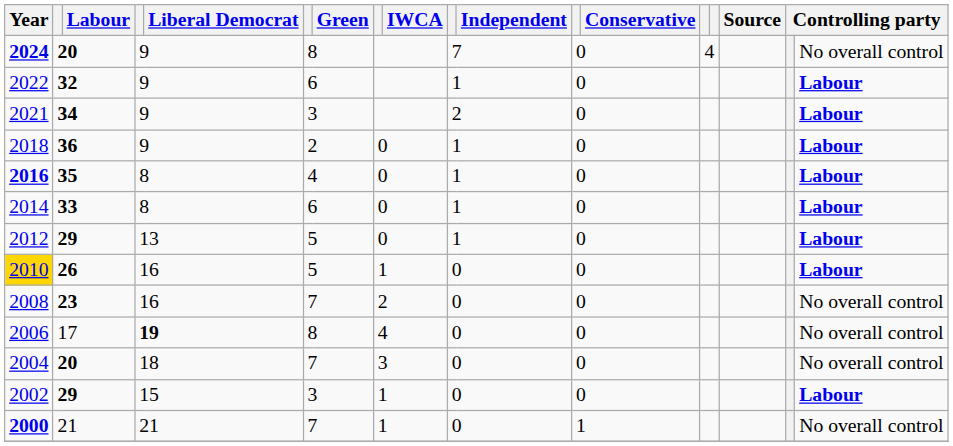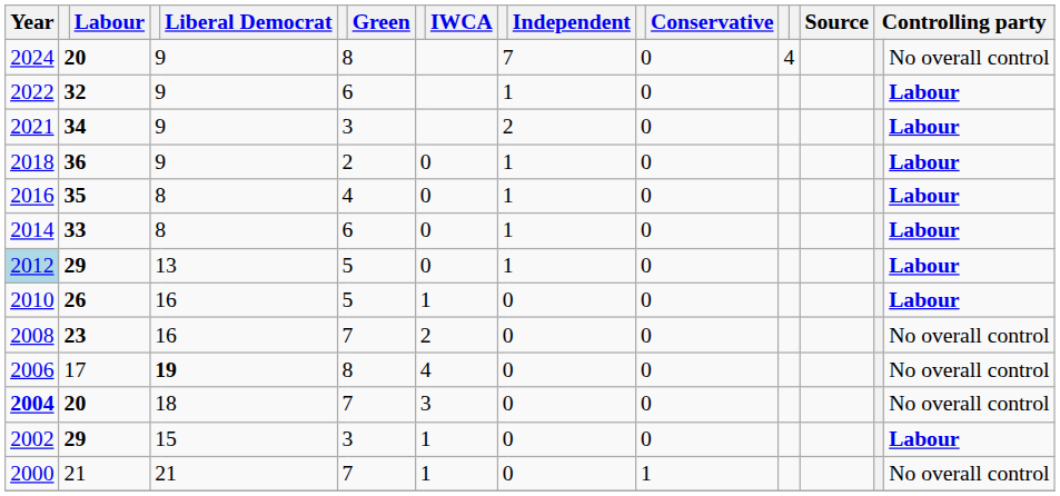 <table class="wikitable">
 <tr>
 <th>Year</th>
 <th style="background-color: "></th>
 <th><a href='#'>Labour</a></th>
 <th style="background-color: "></th>
 <th><a href='#'>Liberal Democrat</a></th>
 <th style="background-color: "></th>
 <th><a href='#'>Green</a></th>
 <th style="background-color: "></th>
 <th><a href='#'>IWCA</a></th>
 <th style="background-color: "></th>
 <th><a href='#'>Independent</a></th>
 <th style="background-color: "></th>
 <th><a href='#'>Conservative</a></th>
 <th style="background-color: "></th>
 <th></th>
 <th>Source</th>
 <th colspan=2>Controlling party</th>
 </tr>
 <tr>
-<td><strong><a href='#'>2024</a></strong></td>
+<td><a href='#'>2024</a></td>
 <td colspan="2"><strong>20</strong></td>
 <td colspan="2">9</td>
 <td colspan="2">8</td>
 <td colspan="2"></td>
 <td colspan="2">7</td>
 <td colspan="2">0</td>
 <td colspan="2">4</td>
 <td></td>
 <th style="background-color: "></th>
 <td>No overall control</td>
 </tr>
 <tr>
 <td><a href='#'>2022</a></td>
 <td colspan="2"><strong>32</strong></td>
 <td colspan="2">9</td>
 <td colspan="2">6</td>
 <td colspan="2"></td>
 <td colspan="2">1</td>
 <td colspan="2">0</td>
 <td colspan="2"></td>
 <td></td>
 <th style="background-color: "></th>
 <td><strong><a href='#'>Labour</a></strong></td>
 </tr>
 <tr>
 <td><a href='#'>2021</a></td>
 <td colspan=2><strong>34</strong></td>
 <td colspan=2>9</td>
 <td colspan=2>3</td>
 <td colspan=2></td>
 <td colspan=2>2</td>
 <td colspan=2>0</td>
 <td colspan=2></td>
 <td></td>
 <th style="background-color: "></th>
 <td><strong><a href='#'>Labour</a></strong></td>
 </tr>
 <tr>
 <td><a href='#'>2018</a></td>
 <td colspan=2><strong>36</strong></td>
 <td colspan=2>9</td>
 <td colspan=2>2</td>
 <td colspan=2>0</td>
 <td colspan=2>1</td>
 <td colspan=2>0</td>
 <td colspan=2></td>
 <td></td>
 <th style="background-color: "></th>
 <td><strong><a href='#'>Labour</a></strong></td>
 </tr>
 <tr>
-<td><strong><a href='#'>2016</a></strong></td>
+<td><a href='#'>2016</a></td>
 <td colspan=2><strong>35</strong></td>
 <td colspan=2>8</td>
 <td colspan=2>4</td>
 <td colspan=2>0</td>
 <td colspan=2>1</td>
 <td colspan=2>0</td>
 <td colspan=2></td>
 <td></td>
 <th style="background-color: "></th>
 <td><strong><a href='#'>Labour</a></strong></td>
 </tr>
 <tr>
 <td><a href='#'>2014</a></td>
 <td colspan=2><strong>33</strong></td>
 <td colspan=2>8</td>
 <td colspan=2>6</td>
 <td colspan=2>0</td>
 <td colspan=2>1</td>
 <td colspan=2>0</td>
 <td colspan=2></td>
 <td></td>
 <th style="background-color: "></th>
 <td><strong><a href='#'>Labour</a></strong></td>
 </tr>
 <tr>
-<td><a href='#'>2012</a></td>
+<td style="background: lightblue;"><a href='#'>2012</a></td>
 <td colspan=2><strong>29</strong></td>
 <td colspan=2>13</td>
 <td colspan=2>5</td>
 <td colspan=2>0</td>
 <td colspan=2>1</td>
 <td colspan=2>0</td>
 <td colspan=2></td>
 <td></td>
 <th style="background-color: "></th>
 <td><strong><a href='#'>Labour</a></strong></td>
 </tr>
 <tr>
-<td style="background: gold;"><a href='#'>2010</a></td>
+<td><a href='#'>2010</a></td>
 <td colspan=2><strong>26</strong></td>
 <td colspan=2>16</td>
 <td colspan=2>5</td>
 <td colspan=2>1</td>
 <td colspan=2>0</td>
 <td colspan=2>0</td>
 <td colspan=2></td>
 <td></td>
 <th style="background-color: "></th>
 <td><strong><a href='#'>Labour</a></strong></td>
 </tr>
 <tr>
 <td><a href='#'>2008</a></td>
 <td colspan=2><strong>23</strong></td>
 <td colspan=2>16</td>
 <td colspan=2>7</td>
 <td colspan=2>2</td>
 <td colspan=2>0</td>
 <td colspan=2>0</td>
 <td colspan=2></td>
 <td></td>
 <th style="background-color: "></th>
 <td>No overall control</td>
 </tr>
 <tr>
 <td><a href='#'>2006</a></td>
 <td colspan=2>17</td>
 <td colspan=2><strong>19</strong></td>
 <td colspan=2>8</td>
 <td colspan=2>4</td>
 <td colspan=2>0</td>
 <td colspan=2>0</td>
 <td colspan=2></td>
 <td></td>
 <th style="background-color: "></th>
 <td>No overall control</td>
 </tr>
 <tr>
-<td><a href='#'>2004</a></td>
+<td><strong><a href='#'>2004</a></strong></td>
 <td colspan=2><strong>20</strong></td>
 <td colspan=2>18</td>
 <td colspan=2>7</td>
 <td colspan=2>3</td>
 <td colspan=2>0</td>
 <td colspan=2>0</td>
 <td colspan=2></td>
 <td></td>
 <th style="background-color: "></th>
 <td>No overall control</td>
 </tr>
 <tr>
 <td><a href='#'>2002</a></td>
 <td colspan=2><strong>29</strong></td>
 <td colspan=2>15</td>
 <td colspan=2>3</td>
 <td colspan=2>1</td>
 <td colspan=2>0</td>
 <td colspan=2>0</td>
 <td colspan=2></td>
 <td></td>
 <th style="background-color: "></th>
 <td><strong><a href='#'>Labour</a></strong></td>
 </tr>
 <tr>
-<td><strong><a href='#'>2000</a></strong></td>
+<td><a href='#'>2000</a></td>
 <td colspan=2>21</td>
 <td colspan=2>21</td>
 <td colspan=2>7</td>
 <td colspan=2>1</td>
 <td colspan=2>0</td>
 <td colspan=2>1</td>
 <td colspan=2></td>
 <td></td>
 <th style="background-color: "></th>
 <td>No overall control</td>
 </tr>
 <tr>
 </tr>
 </table>
